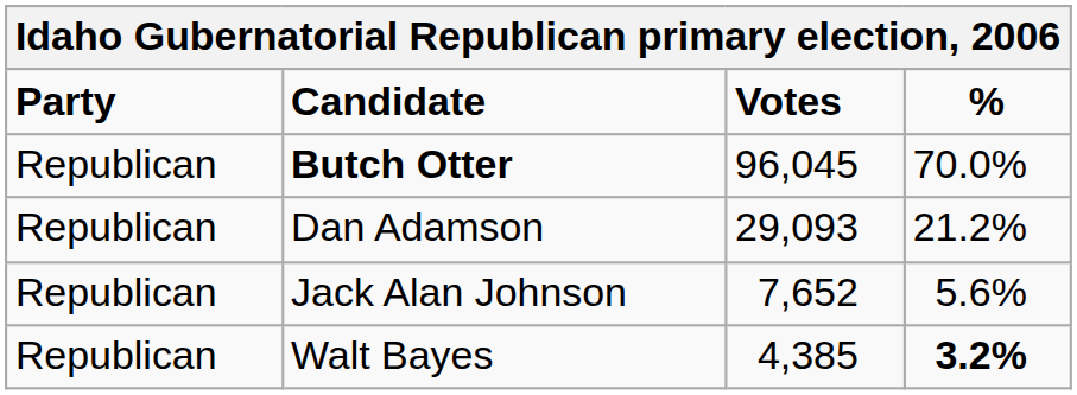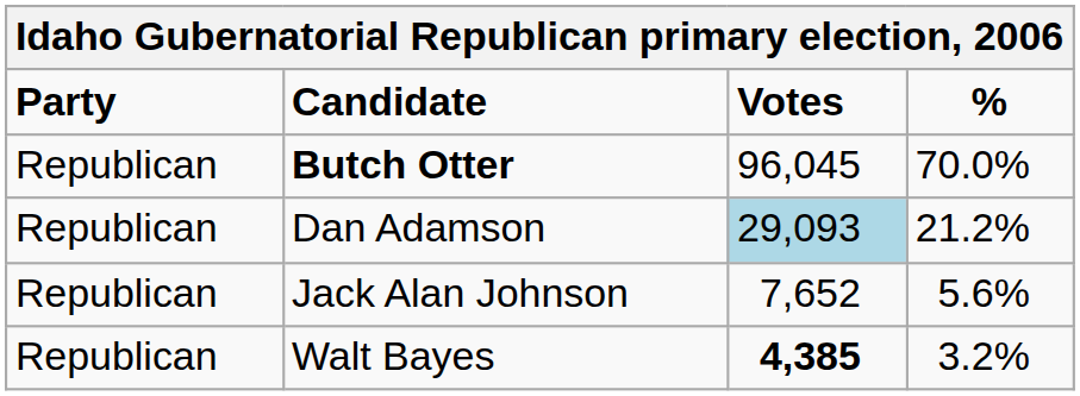 <table class="wikitable">
 <tr>
 <th colspan="4">Idaho Gubernatorial Republican primary election, 2006</th>
 </tr>
 <tr>
 <td><strong>Party</strong></td>
 <td><strong>Candidate</strong></td>
 <td><strong>Votes</strong></td>
 <td align=center><strong>%</strong></td>
 </tr>
 <tr>
 <td>Republican</td>
 <td><strong>Butch Otter</strong></td>
 <td>96,045</td>
 <td>70.0%</td>
 </tr>
 <tr>
 <td>Republican</td>
 <td>Dan Adamson</td>
-<td>29,093</td>
+<td style="background: lightblue;">29,093</td>
 <td>21.2%</td>
 </tr>
 <tr>
 <td>Republican</td>
 <td>Jack Alan Johnson</td>
 <td>  7,652</td>
 <td>  5.6%</td>
 </tr>
 <tr>
 <td>Republican</td>
 <td>Walt Bayes</td>
-<td>  4,385</td>
-<td><strong>  3.2%</strong></td>
+<td><strong>  4,385</strong></td>
+<td>  3.2%</td>
 </tr>
 </table>
